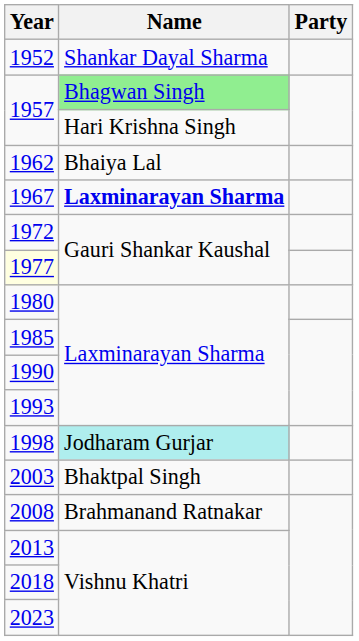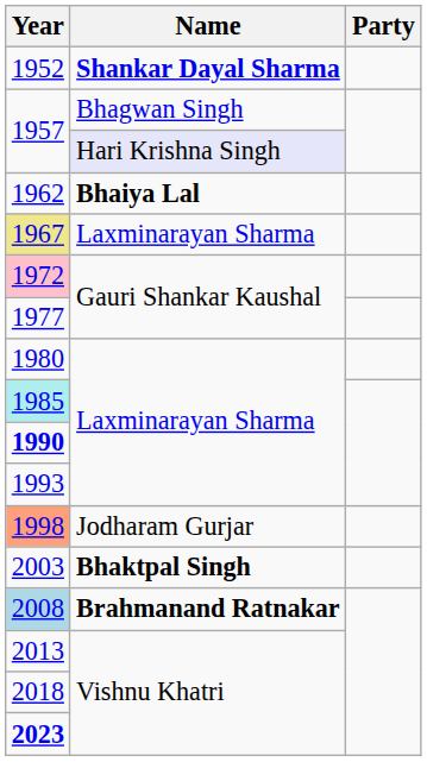 <table class="wikitable sortable">
 <tr>
 <th>Year</th>
 <th>Name</th>
 <th colspan=2>Party</th>
 </tr>
 <tr>
 <td><a href='#'>1952</a></td>
-<td><a href='#'>Shankar Dayal Sharma</a></td>
+<td><strong><a href='#'>Shankar Dayal Sharma</a></strong></td>
 <td></td>
 </tr>
 <tr>
 <td rowspan="2"><a href='#'>1957</a></td>
-<td style="background: lightgreen;"><a href='#'>Bhagwan Singh</a></td>
+<td><a href='#'>Bhagwan Singh</a></td>
 </tr>
 <tr>
-<td>Hari Krishna Singh</td>
+<td style="background: lavender;">Hari Krishna Singh</td>
 </tr>
 <tr>
 <td><a href='#'>1962</a></td>
-<td>Bhaiya Lal</td>
+<td><strong>Bhaiya Lal</strong></td>
 <td></td>
 </tr>
 <tr>
-<td><a href='#'>1967</a></td>
-<td><strong><a href='#'>Laxminarayan Sharma</a></strong></td>
+<td style="background: khaki;"><a href='#'>1967</a></td>
+<td><a href='#'>Laxminarayan Sharma</a></td>
 <td></td>
 </tr>
 <tr>
-<td><a href='#'>1972</a></td>
+<td style="background: pink;"><a href='#'>1972</a></td>
 <td rowspan="2">Gauri Shankar Kaushal</td>
 </tr>
 <tr>
-<td style="background: lightyellow;"><a href='#'>1977</a></td>
+<td><a href='#'>1977</a></td>
 <td></td>
 </tr>
 <tr>
 <td><a href='#'>1980</a></td>
 <td rowspan="4"><a href='#'>Laxminarayan Sharma</a></td>
 <td></td>
 </tr>
 <tr>
-<td><a href='#'>1985</a></td>
+<td style="background: paleturquoise;"><a href='#'>1985</a></td>
 </tr>
 <tr>
-<td><a href='#'>1990</a></td>
+<td><strong><a href='#'>1990</a></strong></td>
 </tr>
 <tr>
 <td><a href='#'>1993</a></td>
 </tr>
 <tr>
-<td><a href='#'>1998</a></td>
-<td style="background: paleturquoise;">Jodharam Gurjar</td>
+<td style="background: lightsalmon;"><a href='#'>1998</a></td>
+<td>Jodharam Gurjar</td>
 <td></td>
 </tr>
 <tr>
 <td><a href='#'>2003</a></td>
-<td>Bhaktpal Singh</td>
+<td><strong>Bhaktpal Singh</strong></td>
 <td></td>
 </tr>
 <tr>
-<td><a href='#'>2008</a></td>
-<td>Brahmanand Ratnakar</td>
+<td style="background: lightblue;"><a href='#'>2008</a></td>
+<td><strong>Brahmanand Ratnakar</strong></td>
 </tr>
 <tr>
 <td><a href='#'>2013</a></td>
 <td rowspan="3">Vishnu Khatri</td>
 </tr>
 <tr>
 <td><a href='#'>2018</a></td>
 </tr>
 <tr>
-<td><a href='#'>2023</a></td>
+<td><strong><a href='#'>2023</a></strong></td>
 </tr>
 </table>
